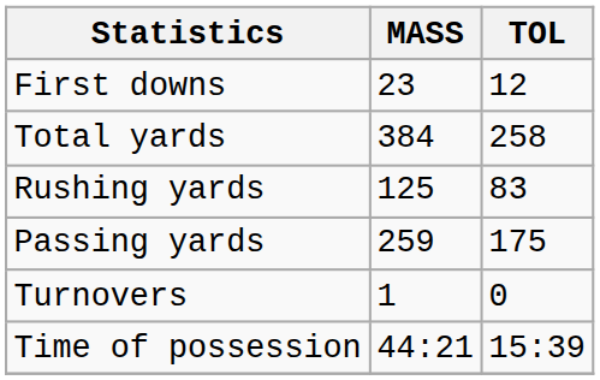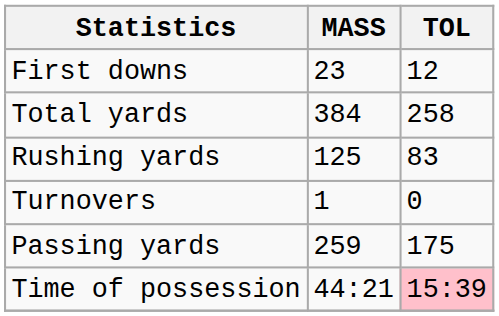 <table class="wikitable" style="float: left;">
 <tr>
 <th>Statistics</th>
 <th>MASS</th>
 <th>TOL</th>
 </tr>
 <tr>
 <td>First downs</td>
 <td>23</td>
 <td>12</td>
 </tr>
 <tr>
 <td>Total yards</td>
 <td>384</td>
 <td>258</td>
 </tr>
 <tr>
 <td>Rushing yards</td>
 <td>125</td>
 <td>83</td>
 </tr>
 <tr>
+<td>Turnovers</td>
+<td>1</td>
+<td>0</td>
+</tr>
+<tr>
 <td>Passing yards</td>
 <td>259</td>
 <td>175</td>
 </tr>
 <tr>
-<td>Turnovers</td>
-<td>1</td>
-<td>0</td>
-</tr>
-<tr>
 <td>Time of possession</td>
 <td>44:21</td>
-<td>15:39</td>
+<td style="background: pink;">15:39</td>
 </tr>
 <tr>
 </tr>
 </table>
